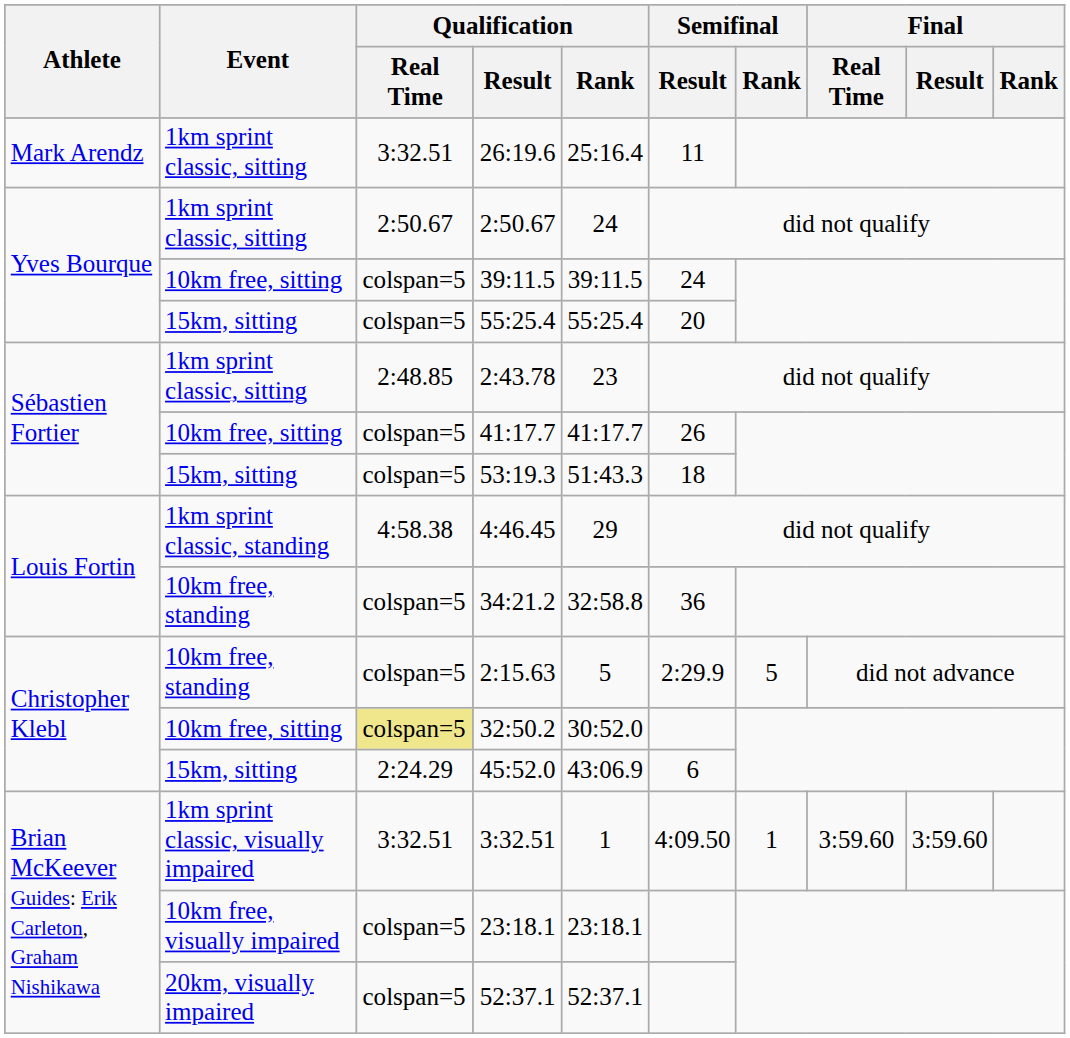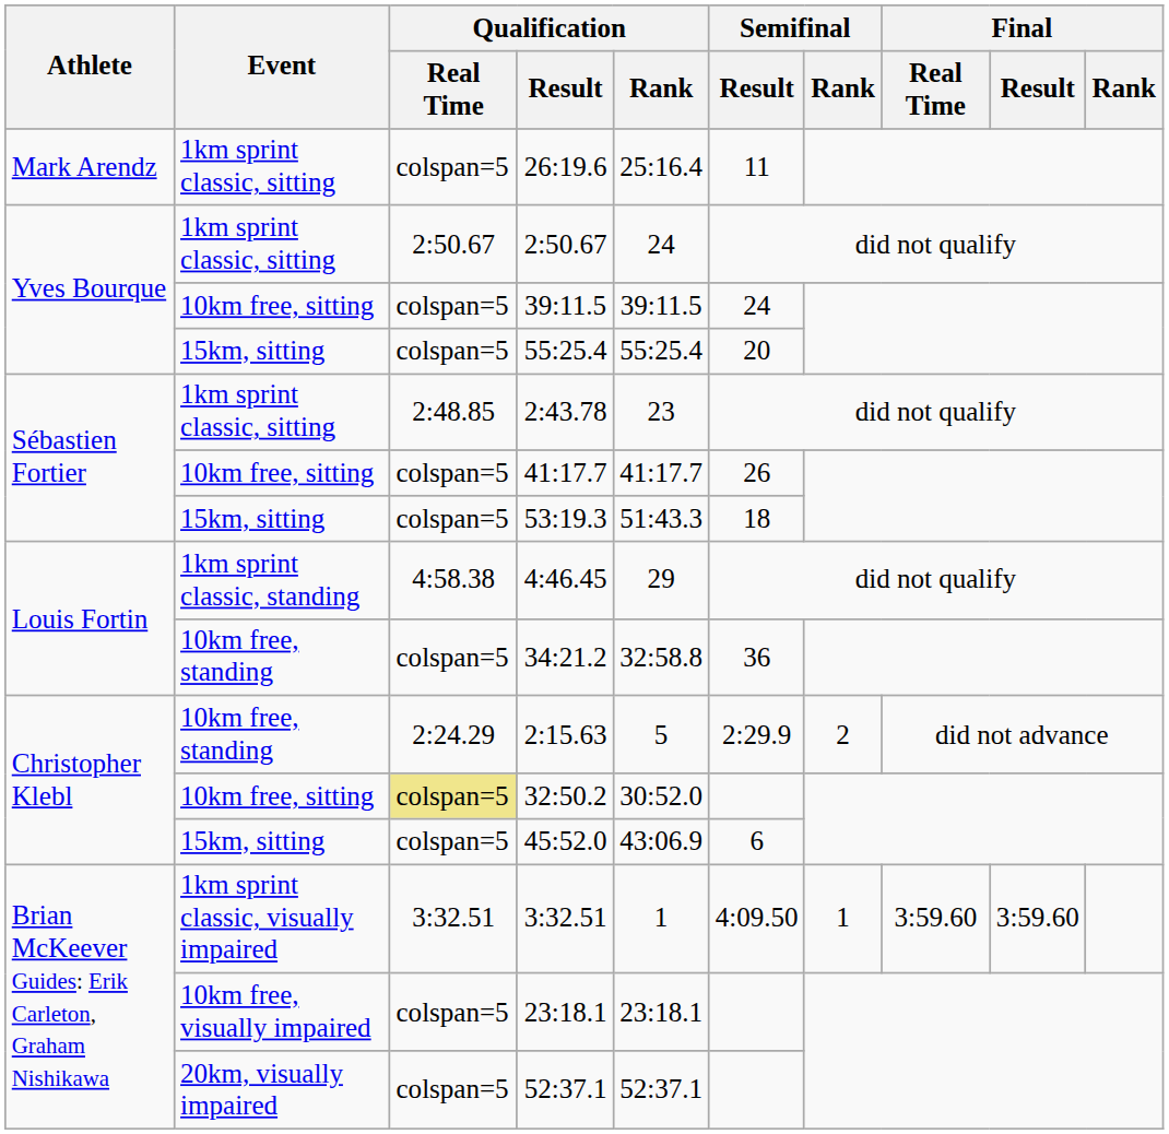 <table class="wikitable" style="font-size:90%">
 <tr>
 <th rowspan="2">Athlete</th>
 <th rowspan="2">Event</th>
 <th colspan="3">Qualification</th>
 <th colspan="2">Semifinal</th>
 <th colspan="3">Final</th>
 </tr>
 <tr>
 <th>Real Time</th>
 <th>Result</th>
 <th>Rank</th>
 <th>Result</th>
 <th>Rank</th>
 <th>Real Time</th>
 <th>Result</th>
 <th>Rank</th>
 </tr>
 <tr>
 <td><a href='#'>Mark Arendz</a></td>
 <td><a href='#'>1km sprint classic, sitting</a></td>
-<td align="center">3:32.51</td>
+<td>colspan=5 </td>
 <td align="center">26:19.6</td>
 <td align="center">25:16.4</td>
 <td align="center">11</td>
 </tr>
 <tr>
 <td rowspan=3><a href='#'>Yves Bourque</a></td>
 <td><a href='#'>1km sprint classic, sitting</a></td>
 <td align="center">2:50.67</td>
 <td align="center">2:50.67</td>
 <td align="center">24</td>
 <td colspan=5 align="center">did not qualify</td>
 </tr>
 <tr>
 <td><a href='#'>10km free, sitting</a></td>
 <td>colspan=5 </td>
 <td align="center">39:11.5</td>
 <td align="center">39:11.5</td>
 <td align="center">24</td>
 </tr>
 <tr>
 <td><a href='#'>15km, sitting</a></td>
 <td>colspan=5 </td>
 <td align="center">55:25.4</td>
 <td align="center">55:25.4</td>
 <td align="center">20</td>
 </tr>
 <tr>
 <td rowspan=3><a href='#'>Sébastien Fortier</a></td>
 <td><a href='#'>1km sprint classic, sitting</a></td>
 <td align="center">2:48.85</td>
 <td align="center">2:43.78</td>
 <td align="center">23</td>
 <td colspan=5 align="center">did not qualify</td>
 </tr>
 <tr>
 <td><a href='#'>10km free, sitting</a></td>
 <td>colspan=5 </td>
 <td align="center">41:17.7</td>
 <td align="center">41:17.7</td>
 <td align="center">26</td>
 </tr>
 <tr>
 <td><a href='#'>15km, sitting</a></td>
 <td>colspan=5 </td>
 <td align="center">53:19.3</td>
 <td align="center">51:43.3</td>
 <td align="center">18</td>
 </tr>
 <tr>
 <td rowspan=2><a href='#'>Louis Fortin</a></td>
 <td><a href='#'>1km sprint classic, standing</a></td>
 <td align="center">4:58.38</td>
 <td align="center">4:46.45</td>
 <td align="center">29</td>
 <td colspan=5 align="center">did not qualify</td>
 </tr>
 <tr>
 <td><a href='#'>10km free, standing</a></td>
 <td>colspan=5 </td>
 <td align="center">34:21.2</td>
 <td align="center">32:58.8</td>
 <td align="center">36</td>
 </tr>
 <tr>
 <td rowspan=3><a href='#'>Christopher Klebl</a></td>
 <td><a href='#'>10km free, standing</a></td>
-<td>colspan=5 </td>
+<td align="center">2:24.29</td>
 <td align="center">2:15.63</td>
 <td align="center">5</td>
 <td align="center">2:29.9</td>
-<td align="center">5</td>
+<td align="center">2</td>
 <td colspan=3 align="center">did not advance</td>
 </tr>
 <tr>
 <td><a href='#'>10km free, sitting</a></td>
 <td style="background: khaki;">colspan=5 </td>
 <td align="center">32:50.2</td>
 <td align="center">30:52.0</td>
 <td align="center"></td>
 </tr>
 <tr>
 <td><a href='#'>15km, sitting</a></td>
-<td align="center">2:24.29</td>
+<td>colspan=5 </td>
 <td align="center">45:52.0</td>
 <td align="center">43:06.9</td>
 <td align="center">6</td>
 </tr>
 <tr>
 <td rowspan=3><a href='#'>Brian McKeever</a><br><small><a href='#'>Guides</a>: <a href='#'>Erik Carleton</a>,<br><a href='#'>Graham Nishikawa</a></small></td>
 <td><a href='#'>1km sprint classic, visually impaired</a></td>
 <td align="center">3:32.51</td>
 <td align="center">3:32.51</td>
 <td align="center">1</td>
 <td align="center">4:09.50</td>
 <td align="center">1</td>
 <td align="center">3:59.60</td>
 <td align="center">3:59.60</td>
 <td align="center"></td>
 </tr>
 <tr>
 <td><a href='#'>10km free, visually impaired</a></td>
 <td>colspan=5 </td>
 <td align="center">23:18.1</td>
 <td align="center">23:18.1</td>
 <td align="center"></td>
 </tr>
 <tr>
 <td><a href='#'>20km, visually impaired</a></td>
 <td>colspan=5 </td>
 <td align="center">52:37.1</td>
 <td align="center">52:37.1</td>
 <td align="center"></td>
 </tr>
 </table>
